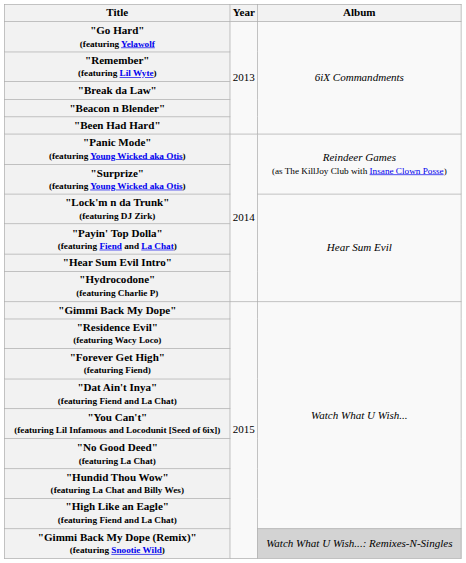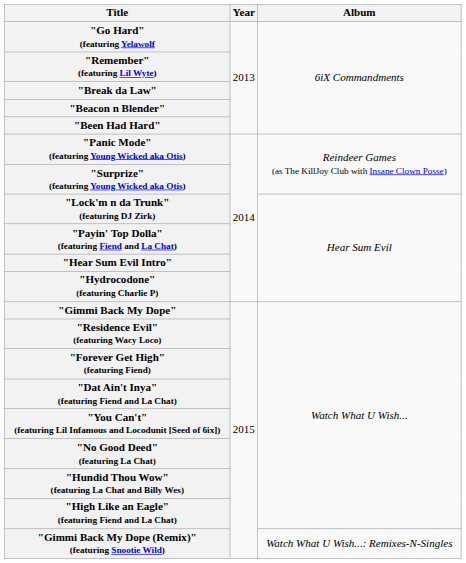 <table class="wikitable plainrowheaders" style="text-align:center;" border="1">
 <tr>
 <th scope="col" style="width:20em;">Title</th>
 <th scope="col" style="width:1em;">Year</th>
 <th scope="col" style="width:18em;">Album</th>
 </tr>
 <tr>
 <th scope="row">"Go Hard"<br><small>(featuring <a href='#'>Yelawolf</a></small></th>
 <td rowspan="5">2013</td>
 <td rowspan="5"><em>6iX Commandments</em></td>
 </tr>
 <tr>
 <th scope="row">"Remember"<br><small>(featuring <a href='#'>Lil Wyte</a>)</small></th>
 </tr>
 <tr>
 <th scope="row">"Break da Law"</th>
 </tr>
 <tr>
 <th scope="row">"Beacon n Blender"</th>
 </tr>
 <tr>
 <th scope="row">"Been Had Hard"</th>
 </tr>
 <tr>
 <th scope="row">"Panic Mode"<br><small>(featuring <a href='#'>Young Wicked aka Otis</a>)</small></th>
 <td rowspan="6">2014</td>
 <td rowspan="2"><em>Reindeer Games</em> <br><small>(as The KillJoy Club with <a href='#'>Insane Clown Posse</a>)</small></td>
 </tr>
 <tr>
 <th scope="row">"Surprize" <br><small>(featuring <a href='#'>Young Wicked aka Otis</a>)</small></th>
 </tr>
 <tr>
 <th scope="row">"Lock'm n da Trunk"<br><small>(featuring DJ Zirk)</small></th>
 <td rowspan="4"><em>Hear Sum Evil</em></td>
 </tr>
 <tr>
 <th scope="row">"Payin' Top Dolla"<br><small>(featuring <a href='#'>Fiend</a> and <a href='#'>La Chat</a>)</small></th>
 </tr>
 <tr>
 <th scope="row">"Hear Sum Evil Intro"</th>
 </tr>
 <tr>
 <th scope="row">"Hydrocodone"<br><small>(featuring Charlie P)</small></th>
 </tr>
 <tr>
 <th scope="row">"Gimmi Back My Dope"</th>
 <td rowspan="9">2015</td>
 <td rowspan="8"><em>Watch What U Wish...</em></td>
 </tr>
 <tr>
 <th scope="row">"Residence Evil"<br><small>(featuring Wacy Loco)</small></th>
 </tr>
 <tr>
 <th scope="row">"Forever Get High"<br><small>(featuring Fiend)</small></th>
 </tr>
 <tr>
 <th scope="row">"Dat Ain't Inya"<br><small>(featuring Fiend and La Chat)</small></th>
 </tr>
 <tr>
 <th scope="row">"You Can't"<br><small>(featuring Lil Infamous and Locodunit [Seed of 6ix])</small></th>
 </tr>
 <tr>
 <th scope="row">"No Good Deed"<br><small>(featuring La Chat)</small></th>
 </tr>
 <tr>
 <th scope="row">"Hundid Thou Wow"<br><small>(featuring La Chat and Billy Wes)</small></th>
 </tr>
 <tr>
 <th scope="row">"High Like an Eagle"<br><small>(featuring Fiend and La Chat)</small></th>
 </tr>
 <tr>
 <th scope="row">"Gimmi Back My Dope (Remix)" <br><small>(featuring <a href='#'>Snootie Wild</a>)</small></th>
-<td style="background: lightgrey;"><em>Watch What U Wish...: Remixes-N-Singles</em></td>
+<td><em>Watch What U Wish...: Remixes-N-Singles</em></td>
 </tr>
 </table>
